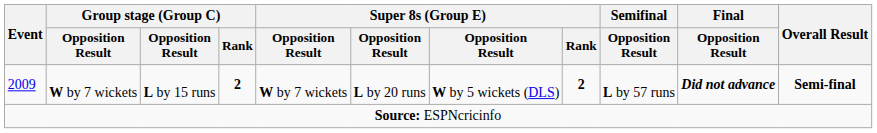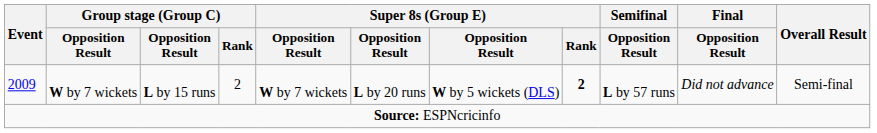 <table class=wikitable style=font-size:90%;text-align:center>
 <tr>
 <th rowspan=2>Event</th>
 <th colspan=3>Group stage (Group C)</th>
 <th colspan=4>Super 8s (Group E)</th>
 <th>Semifinal</th>
 <th>Final</th>
 <th rowspan=2>Overall Result</th>
 </tr>
 <tr style=font-size:95%>
 <th>Opposition<br>Result</th>
 <th>Opposition<br>Result</th>
 <th>Rank</th>
 <th>Opposition<br>Result</th>
 <th>Opposition<br>Result</th>
 <th>Opposition<br>Result</th>
 <th>Rank</th>
 <th>Opposition<br>Result</th>
 <th>Opposition<br>Result</th>
 </tr>
 <tr>
 <td align=left><a href='#'>2009</a></td>
 <td><br><strong>W</strong> by 7 wickets</td>
 <td><br><strong>L</strong> by 15 runs</td>
-<td><strong>2</strong></td>
+<td>2</td>
 <td><br><strong>W</strong> by 7 wickets</td>
 <td><br><strong>L</strong> by 20 runs</td>
 <td><br><strong>W</strong> by 5 wickets (<a href='#'>DLS</a>)</td>
 <td><strong>2</strong></td>
 <td><br><strong>L</strong> by 57 runs</td>
-<td><strong><em>Did not advance</em></strong></td>
-<td><strong>Semi-final</strong></td>
+<td><em>Did not advance</em></td>
+<td>Semi-final</td>
 </tr>
 <tr>
 <td colspan="11"><strong>Source:</strong> ESPNcricinfo</td>
 </tr>
 </table>
